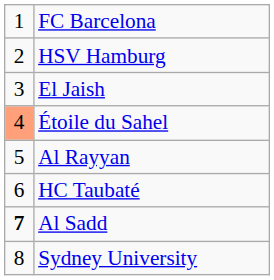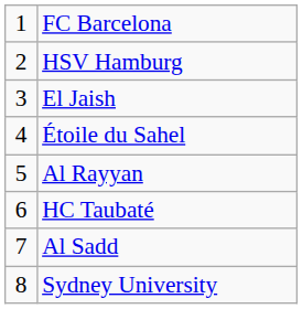 <table class="wikitable" width="200px">
 <tr>
 <td align=center>1</td>
 <td> <a href='#'>FC Barcelona</a></td>
 </tr>
 <tr>
 <td align=center>2</td>
 <td> <a href='#'>HSV Hamburg</a></td>
 </tr>
 <tr>
 <td align=center>3</td>
 <td> <a href='#'>El Jaish</a></td>
 </tr>
 <tr>
-<td align=center style="background: lightsalmon;">4</td>
+<td align=center>4</td>
 <td> <a href='#'>Étoile du Sahel</a></td>
 </tr>
 <tr>
 <td align=center>5</td>
 <td> <a href='#'>Al Rayyan</a></td>
 </tr>
 <tr>
 <td align=center>6</td>
 <td> <a href='#'>HC Taubaté</a></td>
 </tr>
 <tr>
-<td align=center><strong>7</strong></td>
+<td align=center>7</td>
 <td> <a href='#'>Al Sadd</a></td>
 </tr>
 <tr>
 <td align=center>8</td>
 <td> <a href='#'>Sydney University</a></td>
 </tr>
 </table>
